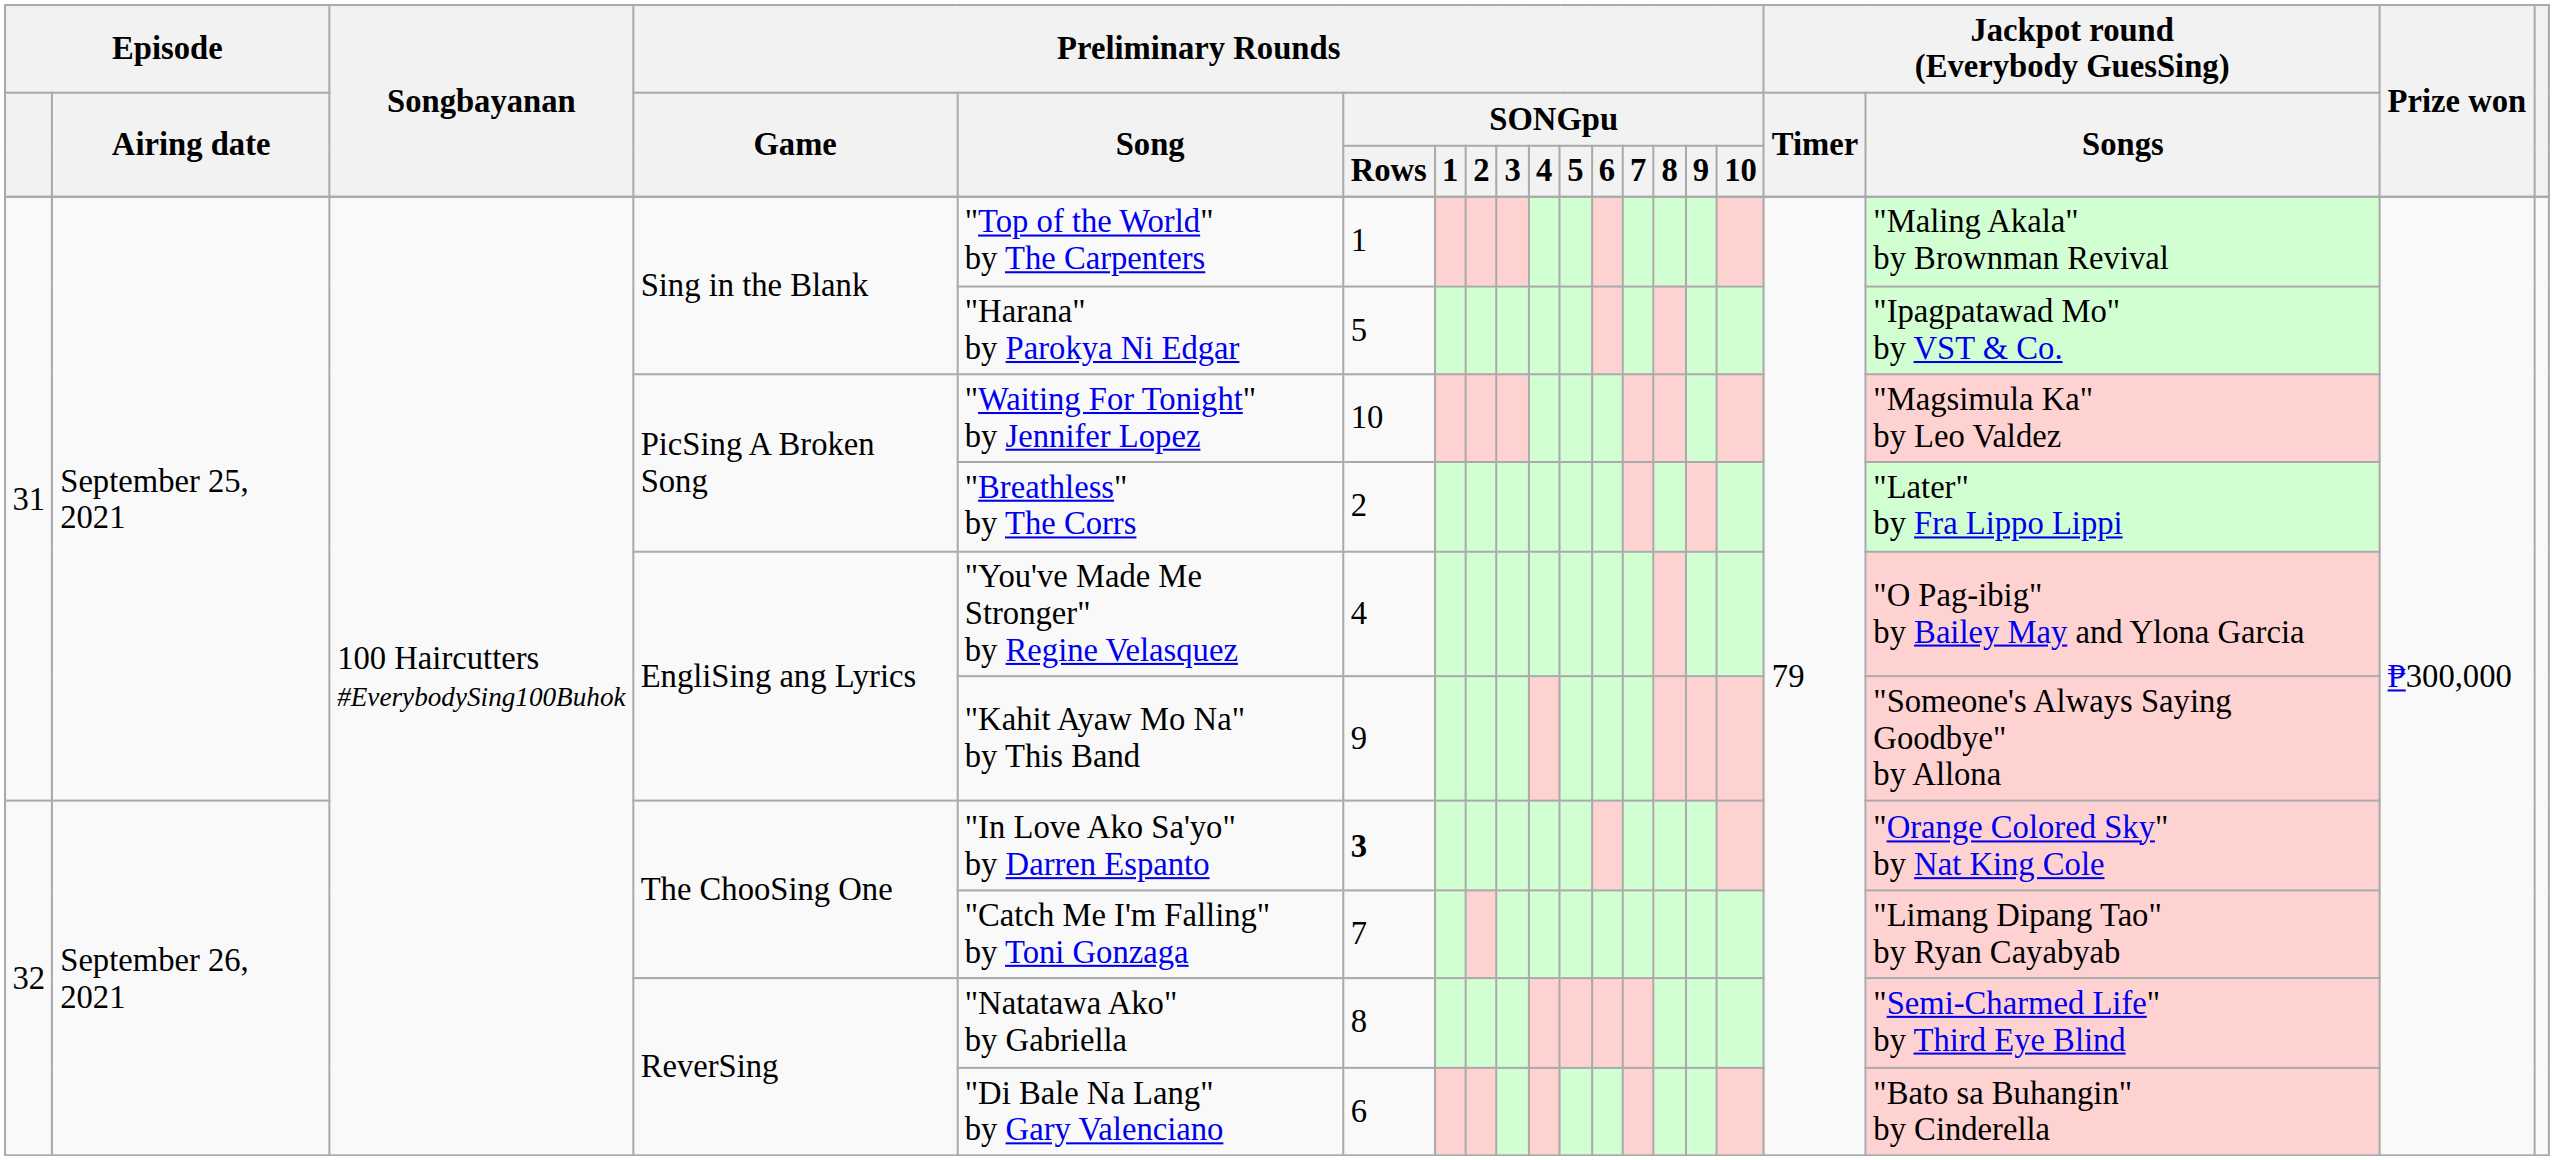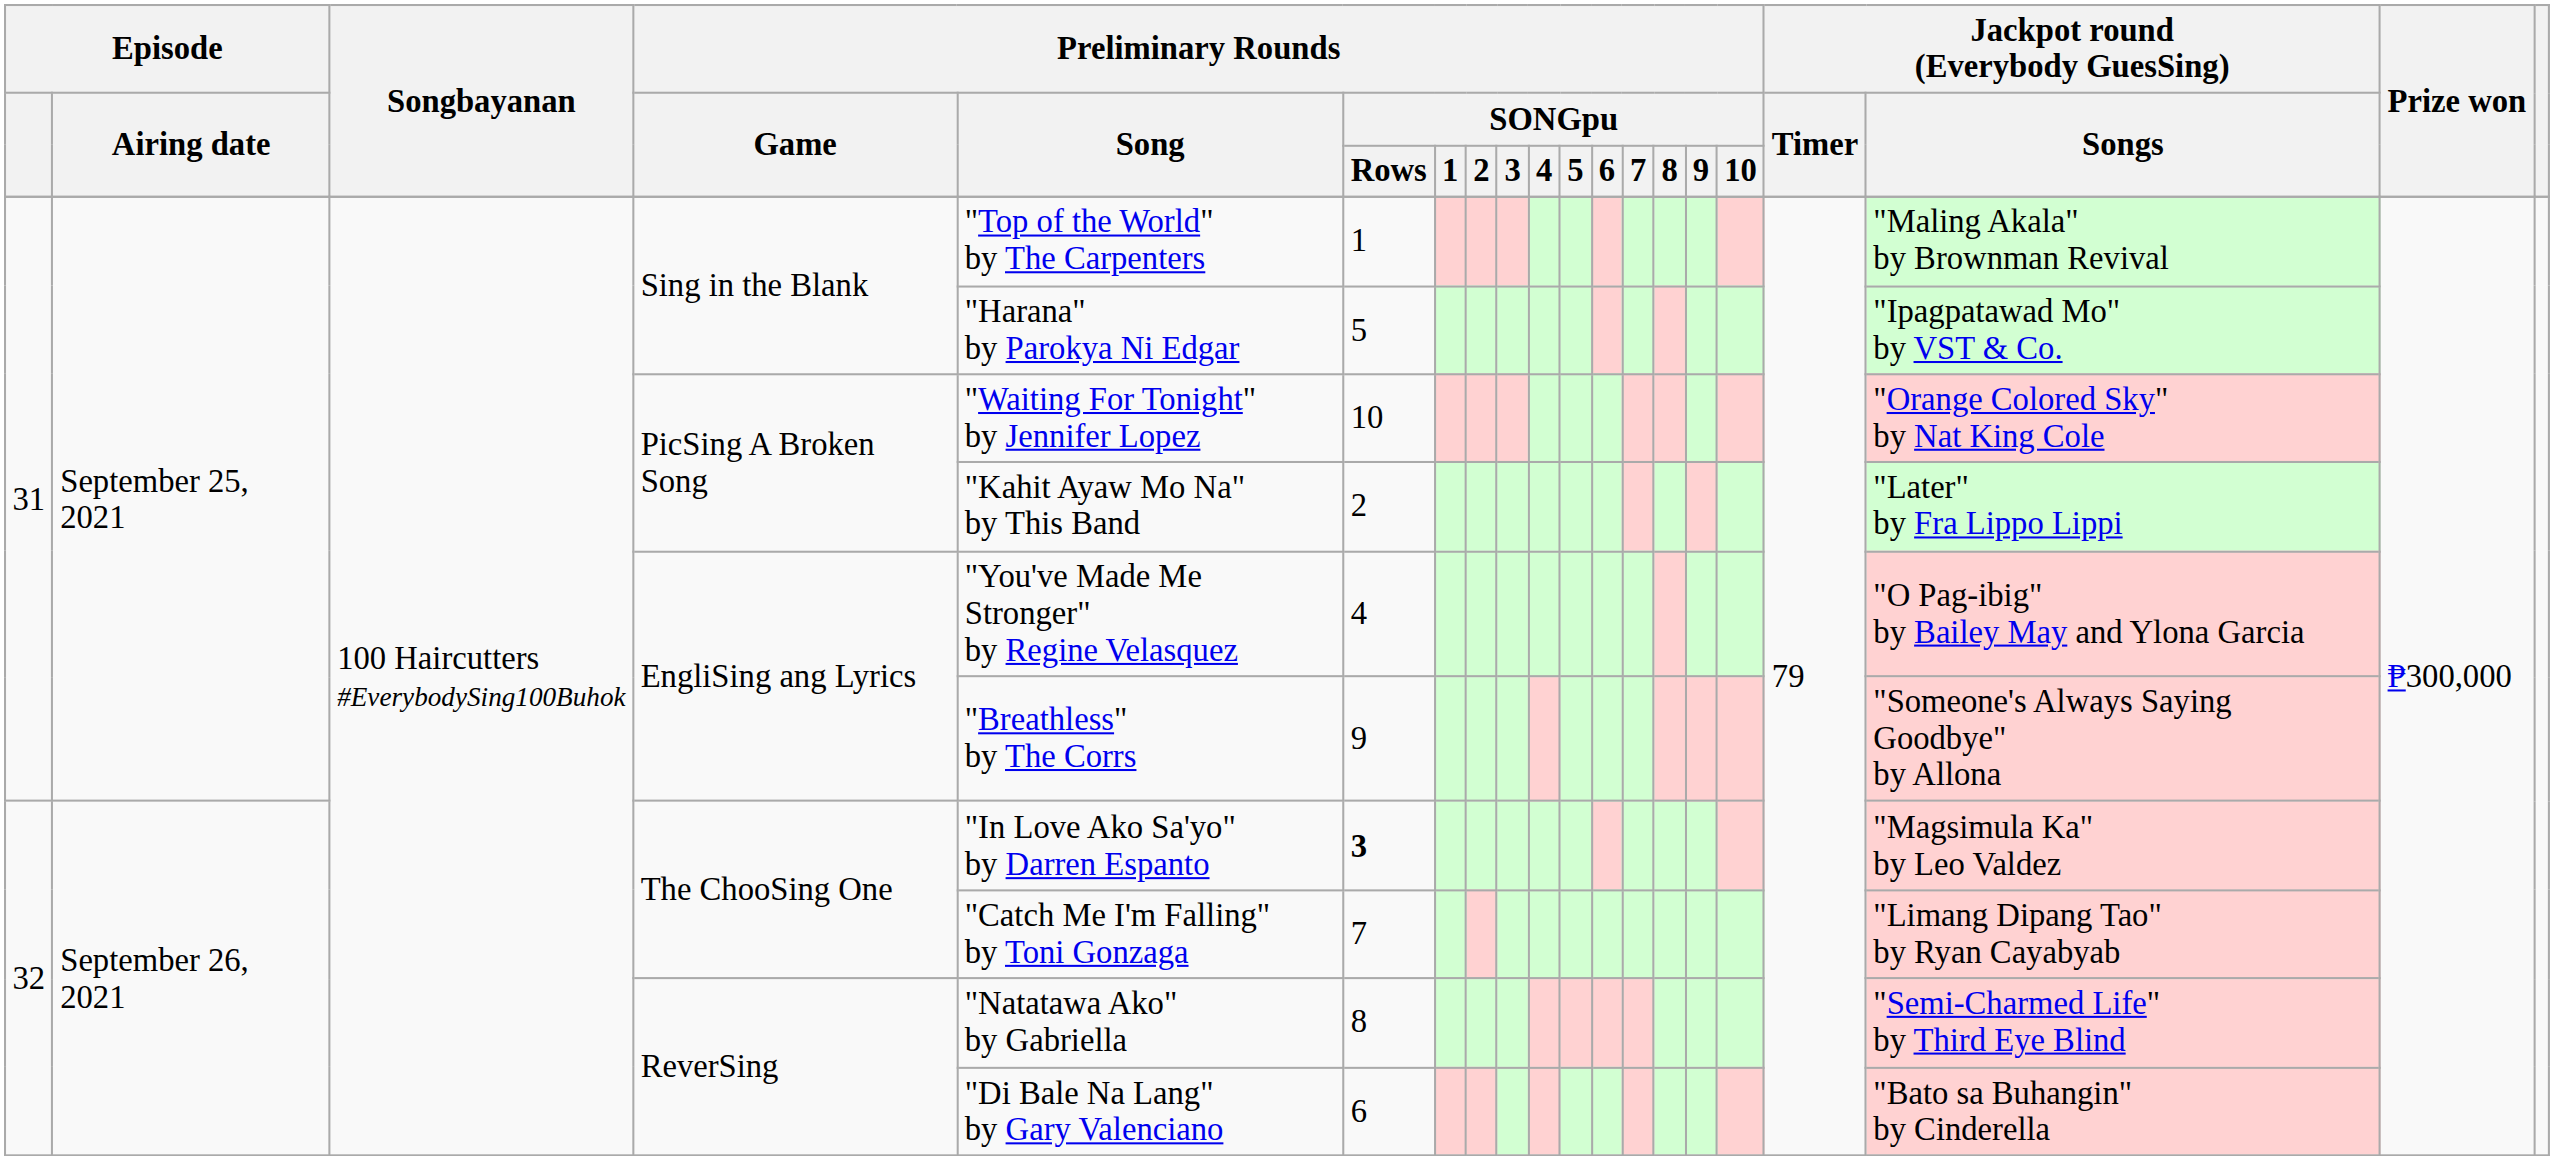 <table class="wikitable plainrowheaders mw-collapsible ">
 <tr>
 <th colspan="2">Episode</th>
 <th rowspan="3">Songbayanan</th>
 <th colspan="13">Preliminary Rounds</th>
 <th colspan="2">Jackpot round<br><strong>(Everybody GuesSing)</strong></th>
 <th rowspan="3">Prize won</th>
 <th rowspan="3"></th>
 </tr>
 <tr>
 <th rowspan="2"></th>
 <th rowspan="2">Airing date</th>
 <th rowspan="2">Game</th>
 <th rowspan="2">Song</th>
 <th colspan="11">SONGpu</th>
 <th rowspan="2">Timer</th>
 <th rowspan="2">Songs</th>
 </tr>
 <tr>
 <th>Rows</th>
 <th>1</th>
 <th>2</th>
 <th>3</th>
 <th>4</th>
 <th>5</th>
 <th>6</th>
 <th>7</th>
 <th>8</th>
 <th>9</th>
 <th>10</th>
 </tr>
 <tr>
 </tr>
 <tr>
 </tr>
 <tr>
 <td rowspan="6">31</td>
 <td rowspan="6">September 25, 2021</td>
 <td rowspan="10">100 Haircutters<br><small><em>#EverybodySing100Buhok</em></small></td>
 <td rowspan="2">Sing in the Blank</td>
 <td>"<a href='#'>Top of the World</a>"<br>by <a href='#'>The Carpenters</a></td>
 <td>1</td>
 <td style="background:#FFD2D2"></td>
 <td style="background:#FFD2D2"></td>
 <td style="background:#FFD2D2"></td>
 <td style="background:#D2FFD2"></td>
 <td style="background:#D2FFD2"></td>
 <td style="background:#FFD2D2"></td>
 <td style="background:#D2FFD2"></td>
 <td style="background:#D2FFD2"></td>
 <td style="background:#D2FFD2"></td>
 <td style="background:#FFD2D2"></td>
 <td rowspan="10">79 </td>
 <td style="background:#D2FFD2">"Maling Akala" <br>by Brownman Revival</td>
 <td rowspan="10"><a href='#'>₱</a>300,000</td>
 <td rowspan="10"><br><br><br><br><br></td>
 </tr>
 <tr>
 <td>"Harana"<br>by <a href='#'>Parokya Ni Edgar</a></td>
 <td>5</td>
 <td style="background:#D2FFD2"></td>
 <td style="background:#D2FFD2"></td>
 <td style="background:#D2FFD2"></td>
 <td style="background:#D2FFD2"></td>
 <td style="background:#D2FFD2"></td>
 <td style="background:#FFD2D2"></td>
 <td style="background:#D2FFD2"></td>
 <td style="background:#FFD2D2"></td>
 <td style="background:#D2FFD2"></td>
 <td style="background:#D2FFD2"></td>
 <td style="background:#D2FFD2">"Ipagpatawad Mo" <br> by <a href='#'>VST & Co.</a></td>
 </tr>
 <tr>
 <td rowspan="2">PicSing A Broken Song</td>
 <td>"<a href='#'>Waiting For Tonight</a>" <br> by <a href='#'>Jennifer Lopez</a></td>
 <td>10</td>
 <td style="background:#FFD2D2"></td>
 <td style="background:#FFD2D2"></td>
 <td style="background:#FFD2D2"></td>
 <td style="background:#D2FFD2"></td>
 <td style="background:#D2FFD2"></td>
 <td style="background:#D2FFD2"></td>
 <td style="background:#FFD2D2"></td>
 <td style="background:#FFD2D2"></td>
 <td style="background:#D2FFD2"></td>
 <td style="background:#FFD2D2"></td>
-<td style="background:#FFD2D2">"Magsimula Ka" <br> by Leo Valdez</td>
+<td style="background:#FFD2D2">"<a href='#'>Orange Colored Sky</a>" <br>by <a href='#'>Nat King Cole</a></td>
 </tr>
 <tr>
-<td>"<a href='#'>Breathless</a>"<br>by <a href='#'>The Corrs</a></td>
+<td>"Kahit Ayaw Mo Na"<br>by This Band</td>
 <td>2</td>
 <td style="background:#D2FFD2"></td>
 <td style="background:#D2FFD2"></td>
 <td style="background:#D2FFD2"></td>
 <td style="background:#D2FFD2"></td>
 <td style="background:#D2FFD2"></td>
 <td style="background:#D2FFD2"></td>
 <td style="background:#FFD2D2"></td>
 <td style="background:#D2FFD2"></td>
 <td style="background:#FFD2D2"></td>
 <td style="background:#D2FFD2"></td>
 <td style="background:#D2FFD2">"Later" <br> by <a href='#'>Fra Lippo Lippi</a></td>
 </tr>
 <tr>
 <td rowspan="2">EngliSing ang Lyrics</td>
 <td>"You've Made Me Stronger" <br> by <a href='#'>Regine Velasquez</a></td>
 <td>4</td>
 <td style="background:#D2FFD2"></td>
 <td style="background:#D2FFD2"></td>
 <td style="background:#D2FFD2"></td>
 <td style="background:#D2FFD2"></td>
 <td style="background:#D2FFD2"></td>
 <td style="background:#D2FFD2"></td>
 <td style="background:#D2FFD2"></td>
 <td style="background:#FFD2D2"></td>
 <td style="background:#D2FFD2"></td>
 <td style="background:#D2FFD2"></td>
 <td style="background:#FFD2D2">"O Pag-ibig" <br> by <a href='#'>Bailey May</a> and Ylona Garcia</td>
 </tr>
 <tr>
-<td>"Kahit Ayaw Mo Na"<br>by This Band</td>
+<td>"<a href='#'>Breathless</a>"<br>by <a href='#'>The Corrs</a></td>
 <td>9</td>
 <td style="background:#D2FFD2"></td>
 <td style="background:#D2FFD2"></td>
 <td style="background:#D2FFD2"></td>
 <td style="background:#FFD2D2"></td>
 <td style="background:#D2FFD2"></td>
 <td style="background:#D2FFD2"></td>
 <td style="background:#D2FFD2"></td>
 <td style="background:#FFD2D2"></td>
 <td style="background:#FFD2D2"></td>
 <td style="background:#FFD2D2"></td>
 <td style="background:#FFD2D2">"Someone's Always Saying Goodbye" <br> by Allona</td>
 </tr>
 <tr>
 <td rowspan="4">32</td>
 <td rowspan="4">September 26, 2021</td>
 <td rowspan="2">The ChooSing One</td>
 <td>"In Love Ako Sa'yo" <br>by <a href='#'>Darren Espanto</a></td>
 <td><strong>3</strong></td>
 <td style="background:#D2FFD2"></td>
 <td style="background:#D2FFD2"></td>
 <td style="background:#D2FFD2"></td>
 <td style="background:#D2FFD2"></td>
 <td style="background:#D2FFD2"></td>
 <td style="background:#FFD2D2"></td>
 <td style="background:#D2FFD2"></td>
 <td style="background:#D2FFD2"></td>
 <td style="background:#D2FFD2"></td>
 <td style="background:#FFD2D2"></td>
-<td style="background:#FFD2D2">"<a href='#'>Orange Colored Sky</a>" <br>by <a href='#'>Nat King Cole</a></td>
+<td style="background:#FFD2D2">"Magsimula Ka" <br> by Leo Valdez</td>
 </tr>
 <tr>
 <td>"Catch Me I'm Falling" <br>by <a href='#'>Toni Gonzaga</a></td>
 <td>7</td>
 <td style="background:#D2FFD2"></td>
 <td style="background:#FFD2D2"></td>
 <td style="background:#D2FFD2"></td>
 <td style="background:#D2FFD2"></td>
 <td style="background:#D2FFD2"></td>
 <td style="background:#D2FFD2"></td>
 <td style="background:#D2FFD2"></td>
 <td style="background:#D2FFD2"></td>
 <td style="background:#D2FFD2"></td>
 <td style="background:#D2FFD2"></td>
 <td style="background:#FFD2D2">"Limang Dipang Tao" <br> by Ryan Cayabyab</td>
 </tr>
 <tr>
 <td rowspan="2">ReverSing</td>
 <td>"Natatawa Ako" <br> by Gabriella</td>
 <td>8</td>
 <td style="background:#D2FFD2"></td>
 <td style="background:#D2FFD2"></td>
 <td style="background:#D2FFD2"></td>
 <td style="background:#FFD2D2"></td>
 <td style="background:#FFD2D2"></td>
 <td style="background:#FFD2D2"></td>
 <td style="background:#FFD2D2"></td>
 <td style="background:#D2FFD2"></td>
 <td style="background:#D2FFD2"></td>
 <td style="background:#D2FFD2"></td>
 <td style="background:#FFD2D2">"<a href='#'>Semi-Charmed Life</a>" <br> by <a href='#'>Third Eye Blind</a></td>
 </tr>
 <tr>
 <td>"Di Bale Na Lang" <br>by <a href='#'>Gary Valenciano</a></td>
 <td>6</td>
 <td style="background:#FFD2D2"></td>
 <td style="background:#FFD2D2"></td>
 <td style="background:#D2FFD2"></td>
 <td style="background:#FFD2D2"></td>
 <td style="background:#D2FFD2"></td>
 <td style="background:#D2FFD2"></td>
 <td style="background:#FFD2D2"></td>
 <td style="background:#D2FFD2"></td>
 <td style="background:#D2FFD2"></td>
 <td style="background:#FFD2D2"></td>
 <td style="background:#FFD2D2">"Bato sa Buhangin" <br> by Cinderella</td>
 </tr>
 <tr>
 </tr>
 </table>
